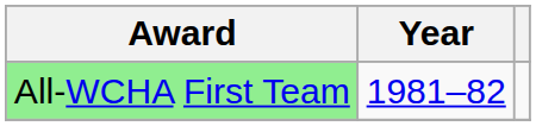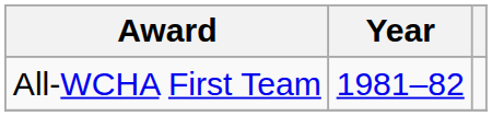 <table class="wikitable">
 <tr>
 <th>Award</th>
 <th>Year</th>
 <th></th>
 </tr>
 <tr>
-<td style="background: lightgreen;">All-<a href='#'>WCHA</a> <a href='#'>First Team</a></td>
+<td>All-<a href='#'>WCHA</a> <a href='#'>First Team</a></td>
 <td><a href='#'>1981–82</a></td>
 <td></td>
 </tr>
 <tr>
 </tr>
 </table>
